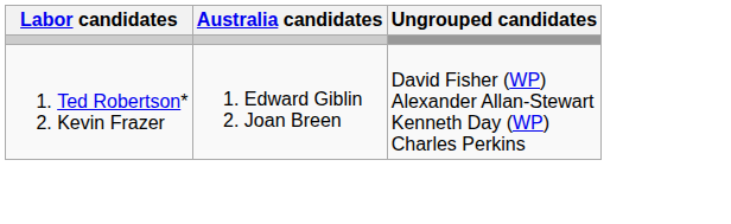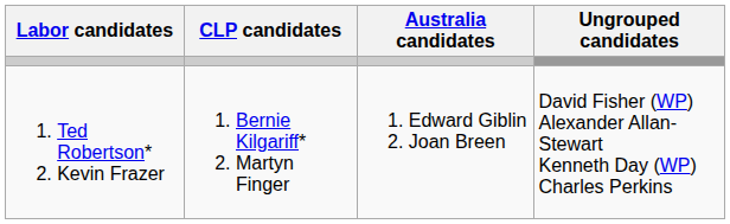 <table class="wikitable">
 <tr>
 <th><a href='#'>Labor</a> candidates</th>
+<th><a href='#'>CLP</a> candidates</th>
 <th><a href='#'>Australia</a> candidates</th>
 <th>Ungrouped candidates</th>
 </tr>
 <tr bgcolor="#cccccc">
 <td></td>
 <td></td>
+<td></td>
 <td bgcolor="#999999"></td>
 </tr>
 <tr>
 <td><br><ol><li><a href='#'>Ted Robertson</a>*</li><li>Kevin Frazer</li></ol></td>
+<td><br><ol><li><a href='#'>Bernie Kilgariff</a>*</li><li>Martyn Finger</li></ol></td>
 <td valign=top><br><ol><li>Edward Giblin</li><li>Joan Breen</li></ol></td>
 <td valign=top><br>David Fisher (<a href='#'>WP</a>)<br> Alexander Allan-Stewart<br> Kenneth Day (<a href='#'>WP</a>)<br> Charles Perkins</td>
 </tr>
 </table>
